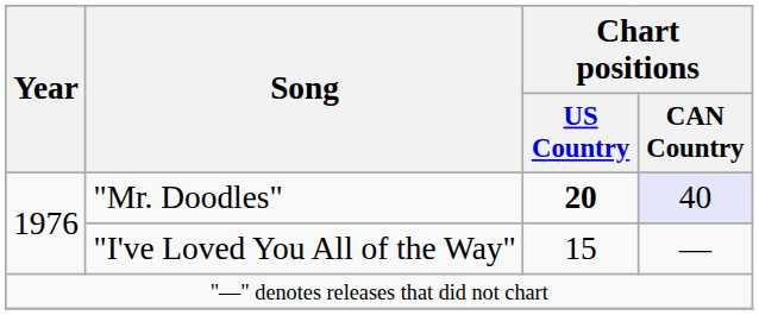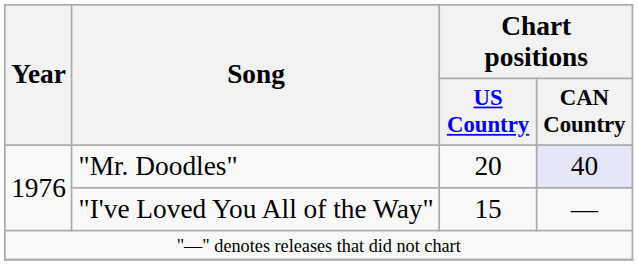 <table class="wikitable" style="text-align:center;">
 <tr>
 <th rowspan="2">Year</th>
 <th rowspan="2">Song</th>
 <th colspan="2">Chart positions</th>
 </tr>
 <tr style="font-size:smaller;">
 <th width="50"><a href='#'>US Country</a><br></th>
 <th width="50">CAN Country<br></th>
 </tr>
 <tr>
 <td rowspan="2">1976</td>
 <td align="left">"Mr. Doodles"</td>
-<td><strong>20</strong></td>
+<td>20</td>
 <td style="background: lavender;">40</td>
 </tr>
 <tr>
 <td align="left">"I've Loved You All of the Way"</td>
 <td>15</td>
 <td>—</td>
 </tr>
 <tr>
 <td align="center" colspan="4" style="font-size: 8pt">"—" denotes releases that did not chart</td>
 </tr>
 <tr>
 </tr>
 </table>
